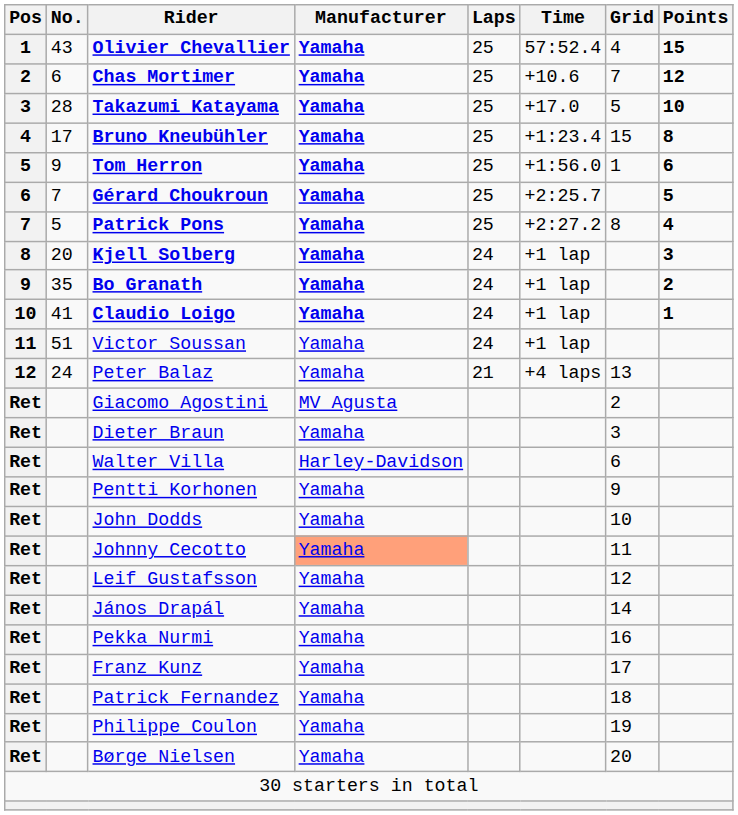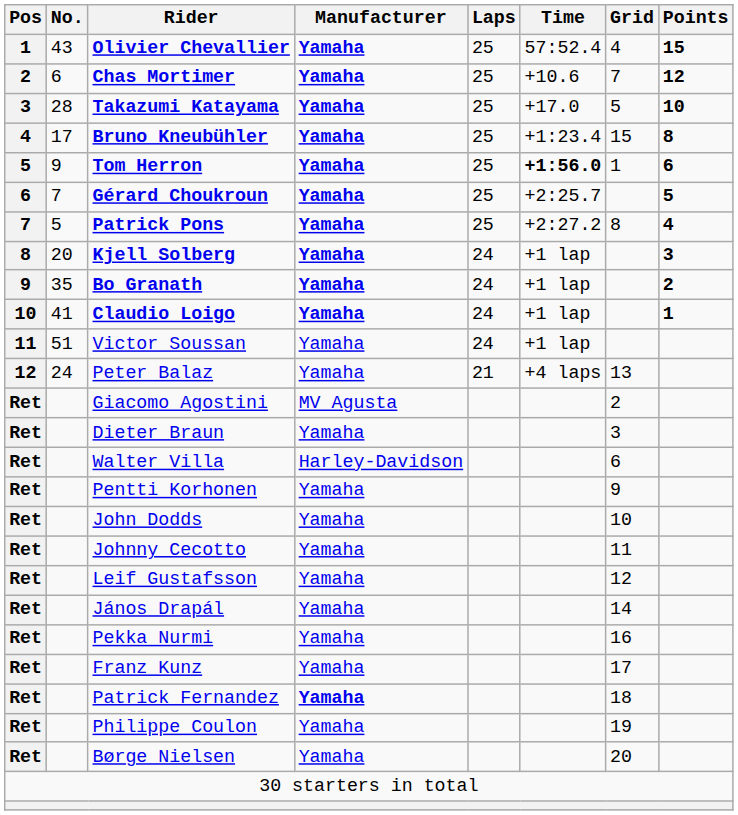 <table class="wikitable" style="font-size: 95%;">
 <tr>
 <th>Pos</th>
 <th>No.</th>
 <th>Rider</th>
 <th>Manufacturer</th>
 <th>Laps</th>
 <th>Time</th>
 <th>Grid</th>
 <th>Points</th>
 </tr>
 <tr>
 <th>1</th>
 <td>43</td>
 <td> <strong><a href='#'>Olivier Chevallier</a></strong></td>
 <td><strong><a href='#'>Yamaha</a></strong></td>
 <td>25</td>
 <td>57:52.4</td>
 <td>4</td>
 <td><strong>15</strong></td>
 </tr>
 <tr>
 <th>2</th>
 <td>6</td>
 <td> <strong><a href='#'>Chas Mortimer</a></strong></td>
 <td><strong><a href='#'>Yamaha</a></strong></td>
 <td>25</td>
 <td>+10.6</td>
 <td>7</td>
 <td><strong>12</strong></td>
 </tr>
 <tr>
 <th>3</th>
 <td>28</td>
 <td> <strong><a href='#'>Takazumi Katayama</a></strong></td>
 <td><strong><a href='#'>Yamaha</a></strong></td>
 <td>25</td>
 <td>+17.0</td>
 <td>5</td>
 <td><strong>10</strong></td>
 </tr>
 <tr>
 <th>4</th>
 <td>17</td>
 <td> <strong><a href='#'>Bruno Kneubühler</a></strong></td>
 <td><strong><a href='#'>Yamaha</a></strong></td>
 <td>25</td>
 <td>+1:23.4</td>
 <td>15</td>
 <td><strong>8</strong></td>
 </tr>
 <tr>
 <th>5</th>
 <td>9</td>
 <td> <strong><a href='#'>Tom Herron</a></strong></td>
 <td><strong><a href='#'>Yamaha</a></strong></td>
 <td>25</td>
-<td>+1:56.0</td>
+<td><strong>+1:56.0</strong></td>
 <td>1</td>
 <td><strong>6</strong></td>
 </tr>
 <tr>
 <th>6</th>
 <td>7</td>
 <td> <strong><a href='#'>Gérard Choukroun</a></strong></td>
 <td><strong><a href='#'>Yamaha</a></strong></td>
 <td>25</td>
 <td>+2:25.7</td>
 <td></td>
 <td><strong>5</strong></td>
 </tr>
 <tr>
 <th>7</th>
 <td>5</td>
 <td> <strong><a href='#'>Patrick Pons</a></strong></td>
 <td><strong><a href='#'>Yamaha</a></strong></td>
 <td>25</td>
 <td>+2:27.2</td>
 <td>8</td>
 <td><strong>4</strong></td>
 </tr>
 <tr>
 <th>8</th>
 <td>20</td>
 <td> <strong><a href='#'>Kjell Solberg</a></strong></td>
 <td><strong><a href='#'>Yamaha</a></strong></td>
 <td>24</td>
 <td>+1 lap</td>
 <td></td>
 <td><strong>3</strong></td>
 </tr>
 <tr>
 <th>9</th>
 <td>35</td>
 <td> <strong><a href='#'>Bo Granath</a></strong></td>
 <td><strong><a href='#'>Yamaha</a></strong></td>
 <td>24</td>
 <td>+1 lap</td>
 <td></td>
 <td><strong>2</strong></td>
 </tr>
 <tr>
 <th>10</th>
 <td>41</td>
 <td> <strong><a href='#'>Claudio Loigo</a></strong></td>
 <td><strong><a href='#'>Yamaha</a></strong></td>
 <td>24</td>
 <td>+1 lap</td>
 <td></td>
 <td><strong>1</strong></td>
 </tr>
 <tr>
 <th>11</th>
 <td>51</td>
 <td> <a href='#'>Victor Soussan</a></td>
 <td><a href='#'>Yamaha</a></td>
 <td>24</td>
 <td>+1 lap</td>
 <td></td>
 <td></td>
 </tr>
 <tr>
 <th>12</th>
 <td>24</td>
 <td> <a href='#'>Peter Balaz</a></td>
 <td><a href='#'>Yamaha</a></td>
 <td>21</td>
 <td>+4 laps</td>
 <td>13</td>
 <td></td>
 </tr>
 <tr>
 <th>Ret</th>
 <td></td>
 <td> <a href='#'>Giacomo Agostini</a></td>
 <td><a href='#'>MV Agusta</a></td>
 <td></td>
 <td></td>
 <td>2</td>
 <td></td>
 </tr>
 <tr>
 <th>Ret</th>
 <td></td>
 <td> <a href='#'>Dieter Braun</a></td>
 <td><a href='#'>Yamaha</a></td>
 <td></td>
 <td></td>
 <td>3</td>
 <td></td>
 </tr>
 <tr>
 <th>Ret</th>
 <td></td>
 <td> <a href='#'>Walter Villa</a></td>
 <td><a href='#'>Harley-Davidson</a></td>
 <td></td>
 <td></td>
 <td>6</td>
 <td></td>
 </tr>
 <tr>
 <th>Ret</th>
 <td></td>
 <td> <a href='#'>Pentti Korhonen</a></td>
 <td><a href='#'>Yamaha</a></td>
 <td></td>
 <td></td>
 <td>9</td>
 <td></td>
 </tr>
 <tr>
 <th>Ret</th>
 <td></td>
 <td> <a href='#'>John Dodds</a></td>
 <td><a href='#'>Yamaha</a></td>
 <td></td>
 <td></td>
 <td>10</td>
 <td></td>
 </tr>
 <tr>
 <th>Ret</th>
 <td></td>
 <td> <a href='#'>Johnny Cecotto</a></td>
-<td style="background: lightsalmon;"><a href='#'>Yamaha</a></td>
+<td><a href='#'>Yamaha</a></td>
 <td></td>
 <td></td>
 <td>11</td>
 <td></td>
 </tr>
 <tr>
 <th>Ret</th>
 <td></td>
 <td> <a href='#'>Leif Gustafsson</a></td>
 <td><a href='#'>Yamaha</a></td>
 <td></td>
 <td></td>
 <td>12</td>
 <td></td>
 </tr>
 <tr>
 <th>Ret</th>
 <td></td>
 <td> <a href='#'>János Drapál</a></td>
 <td><a href='#'>Yamaha</a></td>
 <td></td>
 <td></td>
 <td>14</td>
 <td></td>
 </tr>
 <tr>
 <th>Ret</th>
 <td></td>
 <td> <a href='#'>Pekka Nurmi</a></td>
 <td><a href='#'>Yamaha</a></td>
 <td></td>
 <td></td>
 <td>16</td>
 <td></td>
 </tr>
 <tr>
 <th>Ret</th>
 <td></td>
 <td> <a href='#'>Franz Kunz</a></td>
 <td><a href='#'>Yamaha</a></td>
 <td></td>
 <td></td>
 <td>17</td>
 <td></td>
 </tr>
 <tr>
 <th>Ret</th>
 <td></td>
 <td> <a href='#'>Patrick Fernandez</a></td>
-<td><a href='#'>Yamaha</a></td>
+<td><strong><a href='#'>Yamaha</a></strong></td>
 <td></td>
 <td></td>
 <td>18</td>
 <td></td>
 </tr>
 <tr>
 <th>Ret</th>
 <td></td>
 <td> <a href='#'>Philippe Coulon</a></td>
 <td><a href='#'>Yamaha</a></td>
 <td></td>
 <td></td>
 <td>19</td>
 <td></td>
 </tr>
 <tr>
 <th>Ret</th>
 <td></td>
 <td> <a href='#'>Børge Nielsen</a></td>
 <td><a href='#'>Yamaha</a></td>
 <td></td>
 <td></td>
 <td>20</td>
 <td></td>
 </tr>
 <tr>
 <td colspan=8 align=center>30 starters in total</td>
 </tr>
 <tr>
 <th colspan=8></th>
 </tr>
 </table>
